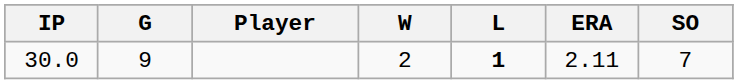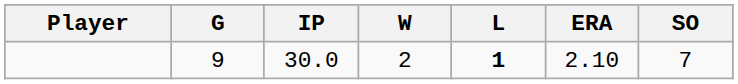 <table class="wikitable sortable">
 <tr>
+<th bgcolor="#DDDDFF" width="16%">Player</th>
+<th bgcolor="#DDDDFF" width="9%">G</th>
 <th bgcolor="#DDDDFF" width="9%">IP</th>
-<th bgcolor="#DDDDFF" width="9%">G</th>
-<th bgcolor="#DDDDFF" width="16%">Player</th>
 <th bgcolor="#DDDDFF" width="9%">W</th>
 <th bgcolor="#DDDDFF" width="9%">L</th>
 <th bgcolor="#DDDDFF" width="9%">ERA</th>
 <th bgcolor="#DDDDFF" width="9%">SO</th>
 </tr>
 <tr align=center>
+<td></td>
+<td>9</td>
 <td>30.0</td>
-<td>9</td>
-<td></td>
 <td>2</td>
 <td><strong>1</strong></td>
-<td>2.11</td>
+<td>2.10</td>
 <td>7</td>
 </tr>
 </table>
